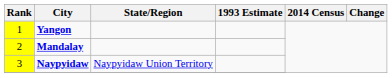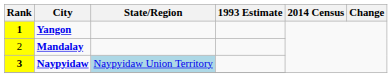 <table class="wikitable sortable collapsible">
 <tr>
 <th>Rank</th>
 <th>City</th>
 <th>State/Region</th>
 <th>1993 Estimate</th>
 <th>2014 Census</th>
 <th>Change</th>
 </tr>
 <tr>
-<td align=center bgcolor="FFFF00">1</td>
+<td align=center bgcolor="FFFF00"><strong>1</strong></td>
 <td><strong><a href='#'>Yangon</a></strong></td>
 <td></td>
 <td></td>
 </tr>
 <tr>
 <td align=center bgcolor="FFFF00">2</td>
 <td><strong><a href='#'>Mandalay</a></strong></td>
 <td></td>
 <td></td>
 </tr>
 <tr>
-<td align=center bgcolor="FFFF00">3</td>
+<td align=center bgcolor="FFFF00"><strong>3</strong></td>
 <td><strong><a href='#'>Naypyidaw</a></strong></td>
-<td><a href='#'>Naypyidaw Union Territory</a></td>
+<td style="background: lightblue;"><a href='#'>Naypyidaw Union Territory</a></td>
 <td></td>
 </tr>
 <tr>
 </tr>
 </table>
